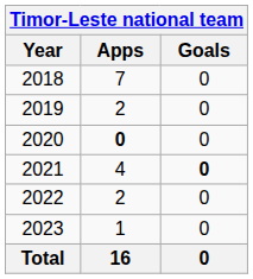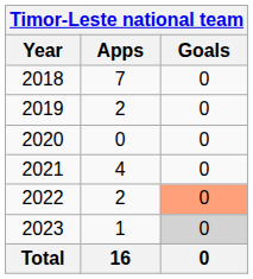 <table class="wikitable" style="text-align:center">
 <tr>
 <th colspan=3><a href='#'>Timor-Leste national team</a></th>
 </tr>
 <tr>
 <th>Year</th>
 <th>Apps</th>
 <th>Goals</th>
 </tr>
 <tr>
 <td>2018</td>
 <td>7</td>
 <td>0</td>
 </tr>
 <tr>
 <td>2019</td>
 <td>2</td>
 <td>0</td>
 </tr>
 <tr>
 <td>2020</td>
-<td><strong>0</strong></td>
+<td>0</td>
 <td>0</td>
 </tr>
 <tr>
 <td>2021</td>
 <td>4</td>
-<td><strong>0</strong></td>
+<td>0</td>
 </tr>
 <tr>
 <td>2022</td>
 <td>2</td>
-<td>0</td>
+<td style="background: lightsalmon;">0</td>
 </tr>
 <tr>
 <td>2023</td>
 <td>1</td>
-<td>0</td>
+<td style="background: lightgrey;">0</td>
 </tr>
 <tr>
 <th>Total</th>
 <th>16</th>
 <th>0</th>
 </tr>
 </table>
